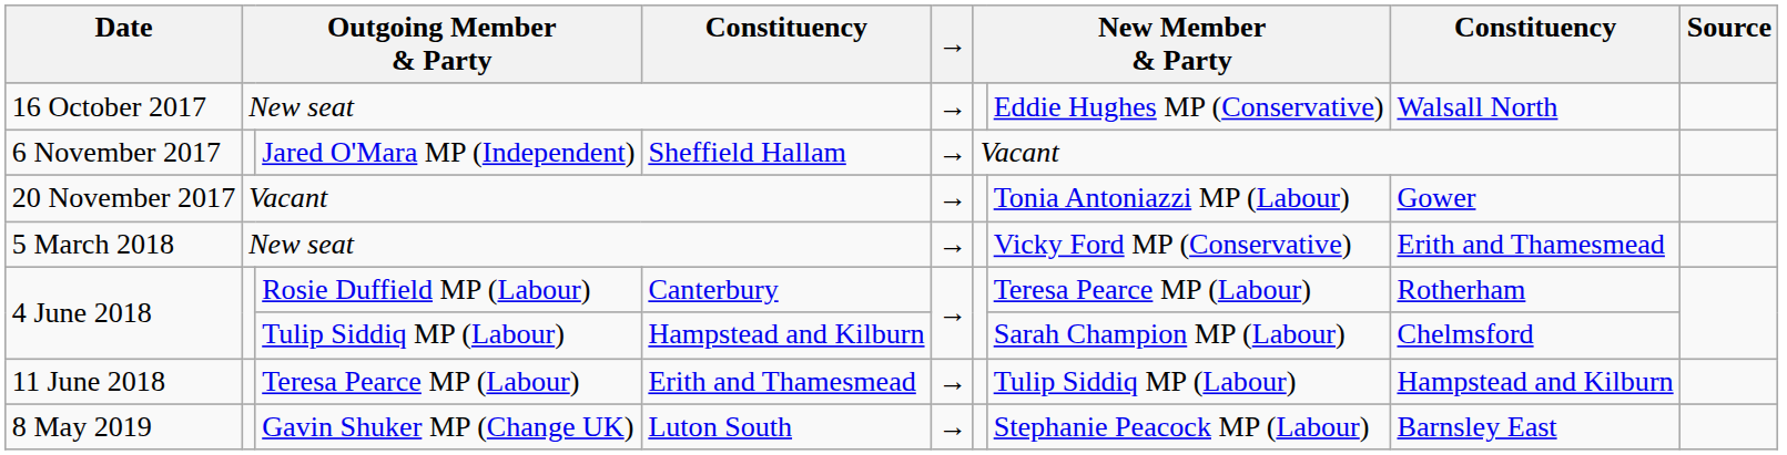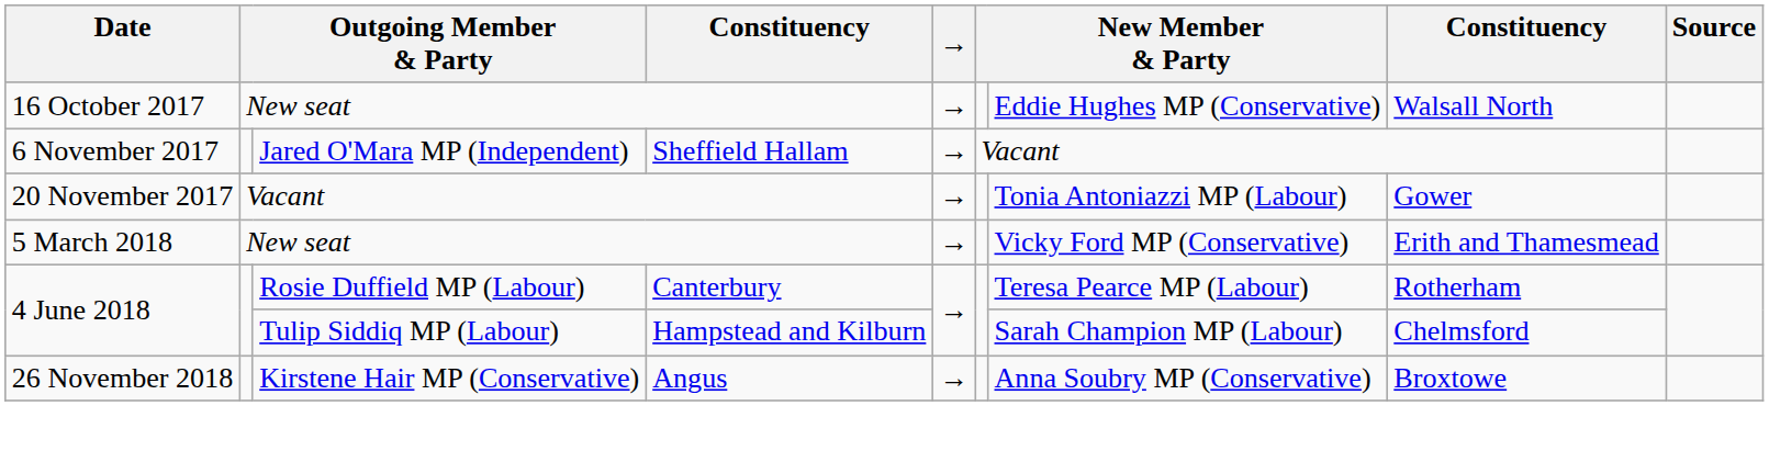 <table class="wikitable">
 <tr>
 <th valign="top">Date</th>
 <th colspan="2" valign="top">Outgoing Member<br>& Party</th>
 <th valign="top">Constituency</th>
 <th>→</th>
 <th colspan="2" valign="top">New Member<br>& Party</th>
 <th valign="top">Constituency</th>
 <th valign="top">Source</th>
 </tr>
 <tr>
 <td>16 October 2017</td>
 <td colspan=3><em>New seat</em></td>
 <td>→</td>
 <td style="color:inherit;background:"></td>
 <td><a href='#'>Eddie Hughes</a> MP (<a href='#'>Conservative</a>)</td>
 <td><a href='#'>Walsall North</a></td>
 <td></td>
 </tr>
 <tr>
 <td>6 November 2017</td>
 <td style="color:inherit;background:"></td>
 <td><a href='#'>Jared O'Mara</a> MP (<a href='#'>Independent</a>)</td>
 <td><a href='#'>Sheffield Hallam</a></td>
 <td>→</td>
 <td colspan=3><em>Vacant</em></td>
 <td></td>
 </tr>
 <tr>
 <td>20 November 2017</td>
 <td colspan=3><em>Vacant</em></td>
 <td>→</td>
 <td style="color:inherit;background:"></td>
 <td><a href='#'>Tonia Antoniazzi</a> MP (<a href='#'>Labour</a>)</td>
 <td><a href='#'>Gower</a></td>
 <td></td>
 </tr>
 <tr>
 <td>5 March 2018</td>
 <td colspan=3><em>New seat</em></td>
 <td>→</td>
 <td style="color:inherit;background:"></td>
 <td><a href='#'>Vicky Ford</a> MP (<a href='#'>Conservative</a>)</td>
 <td><a href='#'>Erith and Thamesmead</a></td>
 <td></td>
 </tr>
 <tr>
 <td rowspan=2>4 June 2018</td>
 <td rowspan=2 style="color:inherit;background:"></td>
 <td><a href='#'>Rosie Duffield</a> MP (<a href='#'>Labour</a>)</td>
 <td><a href='#'>Canterbury</a></td>
 <td rowspan=2>→</td>
 <td rowspan=2 style="color:inherit;background:"></td>
 <td><a href='#'>Teresa Pearce</a> MP (<a href='#'>Labour</a>)</td>
 <td><a href='#'>Rotherham</a></td>
 <td rowspan=2></td>
 </tr>
 <tr>
 <td><a href='#'>Tulip Siddiq</a> MP (<a href='#'>Labour</a>)</td>
 <td><a href='#'>Hampstead and Kilburn</a></td>
 <td><a href='#'>Sarah Champion</a> MP (<a href='#'>Labour</a>)</td>
 <td><a href='#'>Chelmsford</a></td>
 </tr>
 <tr>
-<td>11 June 2018</td>
+<td>26 November 2018</td>
 <td style="color:inherit;background:"></td>
-<td><a href='#'>Teresa Pearce</a> MP (<a href='#'>Labour</a>)</td>
-<td><a href='#'>Erith and Thamesmead</a></td>
+<td><a href='#'>Kirstene Hair</a> MP (<a href='#'>Conservative</a>)</td>
+<td><a href='#'>Angus</a></td>
 <td>→</td>
 <td style="color:inherit;background:"></td>
-<td><a href='#'>Tulip Siddiq</a> MP (<a href='#'>Labour</a>)</td>
-<td><a href='#'>Hampstead and Kilburn</a></td>
-<td></td>
-</tr>
-<tr>
-<td>8 May 2019</td>
-<td style="color:inherit;background:"></td>
-<td><a href='#'>Gavin Shuker</a> MP (<a href='#'>Change UK</a>)</td>
-<td><a href='#'>Luton South</a></td>
-<td>→</td>
-<td style="color:inherit;background:"></td>
-<td><a href='#'>Stephanie Peacock</a> MP (<a href='#'>Labour</a>)</td>
-<td><a href='#'>Barnsley East</a></td>
+<td><a href='#'>Anna Soubry</a> MP (<a href='#'>Conservative</a>)</td>
+<td><a href='#'>Broxtowe</a></td>
 <td></td>
 </tr>
 </table>
